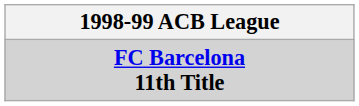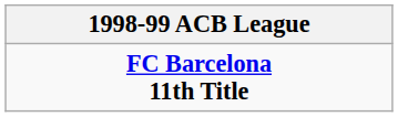 <table class="wikitable" style="margin: 0 auto; width: 20%;">
 <tr>
 <th>1998-99 ACB League</th>
 </tr>
 <tr>
-<td align=center style="background: lightgrey;"><strong><a href='#'>FC Barcelona</a></strong><br><strong>11th Title</strong></td>
+<td align=center><strong><a href='#'>FC Barcelona</a></strong><br><strong>11th Title</strong></td>
 </tr>
 </table>
